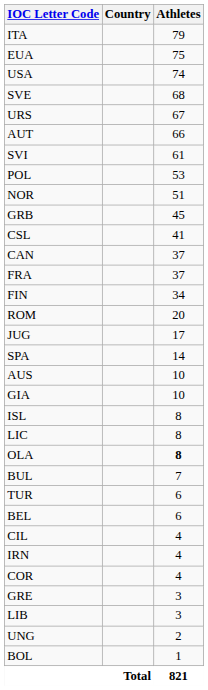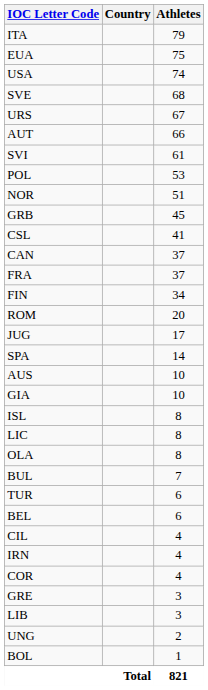 <table class="wikitable collapsible collapsed sortable" style="border:0;">
 <tr>
 <th><a href='#'>IOC Letter Code</a></th>
 <th>Country</th>
 <th>Athletes</th>
 </tr>
 <tr>
 <td>ITA</td>
 <td></td>
 <td align=center>79</td>
 </tr>
 <tr>
 <td>EUA</td>
 <td></td>
 <td align=center>75</td>
 </tr>
 <tr>
 <td>USA</td>
 <td></td>
 <td align=center>74</td>
 </tr>
 <tr>
 <td>SVE</td>
 <td></td>
 <td align=center>68</td>
 </tr>
 <tr>
 <td>URS</td>
 <td></td>
 <td align=center>67</td>
 </tr>
 <tr>
 <td>AUT</td>
 <td></td>
 <td align=center>66</td>
 </tr>
 <tr>
 <td>SVI</td>
 <td></td>
 <td align=center>61</td>
 </tr>
 <tr>
 <td>POL</td>
 <td></td>
 <td align=center>53</td>
 </tr>
 <tr>
 <td>NOR</td>
 <td></td>
 <td align=center>51</td>
 </tr>
 <tr>
 <td>GRB</td>
 <td></td>
 <td align=center>45</td>
 </tr>
 <tr>
 <td>CSL</td>
 <td></td>
 <td align=center>41</td>
 </tr>
 <tr>
 <td>CAN</td>
 <td></td>
 <td align=center>37</td>
 </tr>
 <tr>
 <td>FRA</td>
 <td></td>
 <td align=center>37</td>
 </tr>
 <tr>
 <td>FIN</td>
 <td></td>
 <td align=center>34</td>
 </tr>
 <tr>
 <td>ROM</td>
 <td></td>
 <td align=center>20</td>
 </tr>
 <tr>
 <td>JUG</td>
 <td></td>
 <td align=center>17</td>
 </tr>
 <tr>
 <td>SPA</td>
 <td></td>
 <td align=center>14</td>
 </tr>
 <tr>
 <td>AUS</td>
 <td></td>
 <td align=center>10</td>
 </tr>
 <tr>
 <td>GIA</td>
 <td></td>
 <td align=center>10</td>
 </tr>
 <tr>
 <td>ISL</td>
 <td></td>
 <td align=center>8</td>
 </tr>
 <tr>
 <td>LIC</td>
 <td></td>
 <td align=center>8</td>
 </tr>
 <tr>
 <td>OLA</td>
 <td></td>
-<td align=center><strong>8</strong></td>
+<td align=center>8</td>
 </tr>
 <tr>
 <td>BUL</td>
 <td></td>
 <td align=center>7</td>
 </tr>
 <tr>
 <td>TUR</td>
 <td></td>
 <td align=center>6</td>
 </tr>
 <tr>
 <td>BEL</td>
 <td></td>
 <td align=center>6</td>
 </tr>
 <tr>
 <td>CIL</td>
 <td></td>
 <td align=center>4</td>
 </tr>
 <tr>
 <td>IRN</td>
 <td></td>
 <td align=center>4</td>
 </tr>
 <tr>
 <td>COR</td>
 <td></td>
 <td align=center>4</td>
 </tr>
 <tr>
 <td>GRE</td>
 <td></td>
 <td align=center>3</td>
 </tr>
 <tr>
 <td>LIB</td>
 <td></td>
 <td align=center>3</td>
 </tr>
 <tr>
 <td>UNG</td>
 <td></td>
 <td align=center>2</td>
 </tr>
 <tr>
 <td>BOL</td>
 <td></td>
 <td align=center>1</td>
 </tr>
 <tr class="sortbottom">
 <td colspan=2; style="text-align:right; border:0px; background:#fff;"><strong>Total</strong></td>
 <td style="text-align:center; border:0px; background:#fff;"><strong>821</strong></td>
 </tr>
 <tr>
 </tr>
 </table>
